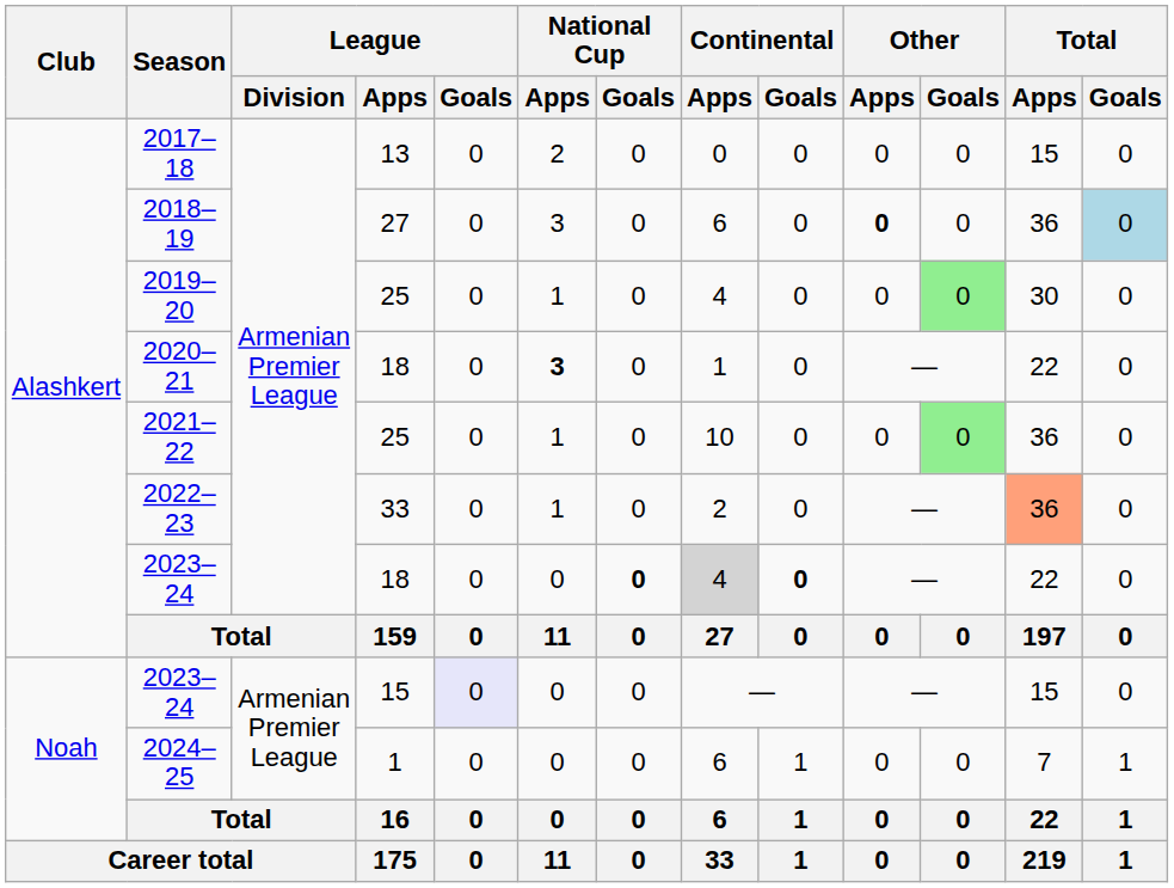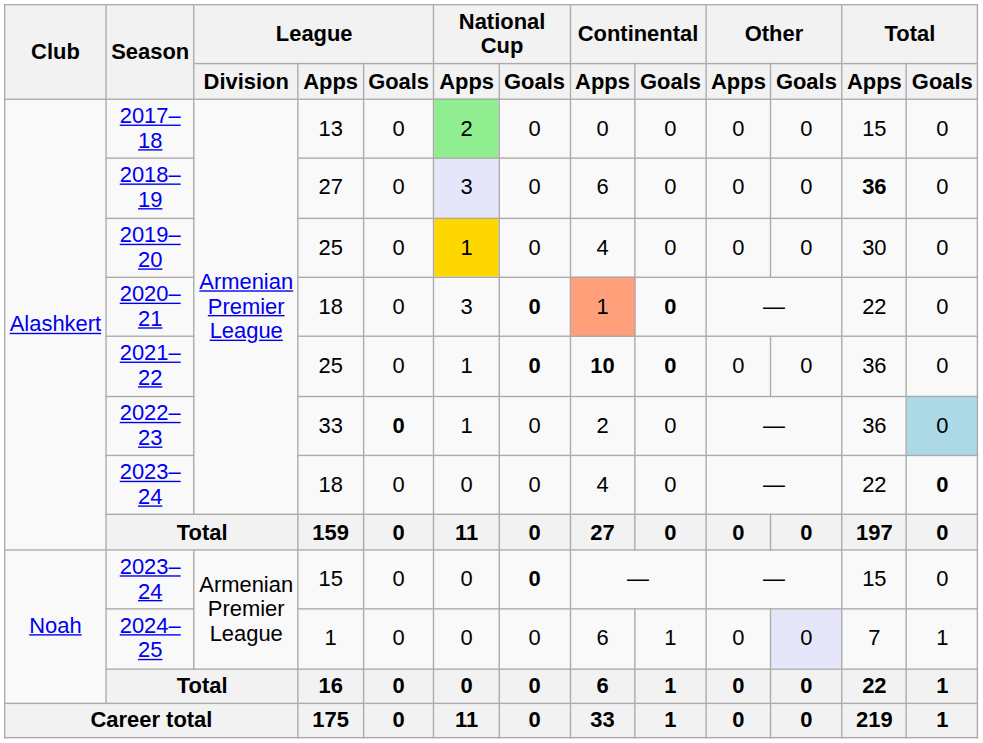 <table class="wikitable" style="text-align:center">
 <tr>
 <th rowspan="2">Club</th>
 <th rowspan="2">Season</th>
 <th colspan="3">League</th>
 <th colspan="2">National Cup</th>
 <th colspan="2">Continental</th>
 <th colspan="2">Other</th>
 <th colspan="2">Total</th>
 </tr>
 <tr>
 <th>Division</th>
 <th>Apps</th>
 <th>Goals</th>
 <th>Apps</th>
 <th>Goals</th>
 <th>Apps</th>
 <th>Goals</th>
 <th>Apps</th>
 <th>Goals</th>
 <th>Apps</th>
 <th>Goals</th>
 </tr>
 <tr>
 <td rowspan="8"><a href='#'>Alashkert</a></td>
 <td><a href='#'>2017–18</a></td>
 <td rowspan="7"><a href='#'>Armenian Premier League</a></td>
 <td>13</td>
 <td>0</td>
-<td>2</td>
+<td style="background: lightgreen;">2</td>
 <td>0</td>
 <td>0</td>
 <td>0</td>
 <td>0</td>
 <td>0</td>
 <td>15</td>
 <td>0</td>
 </tr>
 <tr>
 <td><a href='#'>2018–19</a></td>
 <td>27</td>
 <td>0</td>
-<td>3</td>
+<td style="background: lavender;">3</td>
 <td>0</td>
 <td>6</td>
 <td>0</td>
-<td><strong>0</strong></td>
 <td>0</td>
-<td>36</td>
-<td style="background: lightblue;">0</td>
+<td>0</td>
+<td><strong>36</strong></td>
+<td>0</td>
 </tr>
 <tr>
 <td><a href='#'>2019–20</a></td>
 <td>25</td>
 <td>0</td>
-<td>1</td>
+<td style="background: gold;">1</td>
 <td>0</td>
 <td>4</td>
 <td>0</td>
 <td>0</td>
-<td style="background: lightgreen;">0</td>
+<td>0</td>
 <td>30</td>
 <td>0</td>
 </tr>
 <tr>
 <td><a href='#'>2020–21</a></td>
 <td>18</td>
 <td>0</td>
-<td><strong>3</strong></td>
-<td>0</td>
-<td>1</td>
-<td>0</td>
+<td>3</td>
+<td><strong>0</strong></td>
+<td style="background: lightsalmon;">1</td>
+<td><strong>0</strong></td>
 <td colspan="2">—</td>
 <td>22</td>
 <td>0</td>
 </tr>
 <tr>
 <td><a href='#'>2021–22</a></td>
 <td>25</td>
 <td>0</td>
 <td>1</td>
-<td>0</td>
-<td>10</td>
+<td><strong>0</strong></td>
+<td><strong>10</strong></td>
+<td><strong>0</strong></td>
 <td>0</td>
 <td>0</td>
-<td style="background: lightgreen;">0</td>
 <td>36</td>
 <td>0</td>
 </tr>
 <tr>
 <td><a href='#'>2022–23</a></td>
 <td>33</td>
-<td>0</td>
+<td><strong>0</strong></td>
 <td>1</td>
 <td>0</td>
 <td>2</td>
 <td>0</td>
 <td colspan="2">—</td>
-<td style="background: lightsalmon;">36</td>
-<td>0</td>
+<td>36</td>
+<td style="background: lightblue;">0</td>
 </tr>
 <tr>
 <td><a href='#'>2023–24</a></td>
 <td>18</td>
 <td>0</td>
 <td>0</td>
-<td><strong>0</strong></td>
-<td style="background: lightgrey;">4</td>
-<td><strong>0</strong></td>
+<td>0</td>
+<td>4</td>
+<td>0</td>
 <td colspan="2">—</td>
 <td>22</td>
-<td>0</td>
+<td><strong>0</strong></td>
 </tr>
 <tr>
 <th colspan="2">Total</th>
 <th>159</th>
 <th>0</th>
 <th>11</th>
 <th>0</th>
 <th>27</th>
 <th>0</th>
 <th>0</th>
 <th>0</th>
 <th>197</th>
 <th>0</th>
 </tr>
 <tr>
 <td rowspan="3"><a href='#'>Noah</a></td>
 <td><a href='#'>2023–24</a></td>
 <td rowspan="2">Armenian Premier League</td>
 <td>15</td>
-<td style="background: lavender;">0</td>
 <td>0</td>
 <td>0</td>
+<td><strong>0</strong></td>
 <td colspan="2">—</td>
 <td colspan="2">—</td>
 <td>15</td>
 <td>0</td>
 </tr>
 <tr>
 <td><a href='#'>2024–25</a></td>
 <td>1</td>
 <td>0</td>
 <td>0</td>
 <td>0</td>
 <td>6</td>
 <td>1</td>
 <td>0</td>
-<td>0</td>
+<td style="background: lavender;">0</td>
 <td>7</td>
 <td>1</td>
 </tr>
 <tr>
 <th colspan="2">Total</th>
 <th>16</th>
 <th>0</th>
 <th>0</th>
 <th>0</th>
 <th>6</th>
 <th>1</th>
 <th>0</th>
 <th>0</th>
 <th>22</th>
 <th>1</th>
 </tr>
 <tr>
 <th colspan="3">Career total</th>
 <th>175</th>
 <th>0</th>
 <th>11</th>
 <th>0</th>
 <th>33</th>
 <th>1</th>
 <th>0</th>
 <th>0</th>
 <th>219</th>
 <th>1</th>
 </tr>
 </table>
